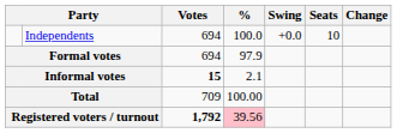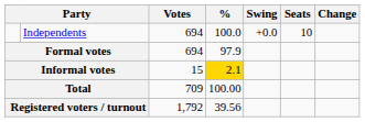 <table class="wikitable" style="text-align:right; margin-bottom:0">
 <tr>
 <th style="width:10px" colspan=3>Party</th>
 <th style="width:70px;">Votes</th>
 <th style="width:40px;">%</th>
 <th style="width:40px;">Swing</th>
 <th style="width:40px;">Seats</th>
 <th style="width:40px;">Change</th>
 </tr>
 <tr>
 <td> </td>
 <td style="text-align:left;" colspan="2"><a href='#'>Independents</a></td>
 <td>694</td>
 <td>100.0</td>
 <td>+0.0</td>
 <td>10</td>
 <td></td>
 </tr>
 <tr>
 <th colspan="3" rowspan="1"> Formal votes</th>
 <td>694</td>
 <td>97.9</td>
 <td></td>
 <td></td>
 <td></td>
 </tr>
 <tr>
 <th colspan="3" rowspan="1"> Informal votes</th>
-<td><strong>15</strong></td>
-<td>2.1</td>
+<td>15</td>
+<td style="background: gold;">2.1</td>
 <td></td>
 <td></td>
 <td></td>
 </tr>
 <tr>
 <th colspan="3" rowspan="1"> <strong>Total </strong></th>
 <td>709</td>
 <td>100.00</td>
 <td></td>
 <td></td>
 <td></td>
 </tr>
 <tr>
 <th colspan="3" rowspan="1"> Registered voters / turnout</th>
-<td><strong>1,792</strong></td>
-<td style="background: pink;">39.56</td>
+<td>1,792</td>
+<td>39.56</td>
 <td></td>
 <td></td>
 <td></td>
 </tr>
 </table>
